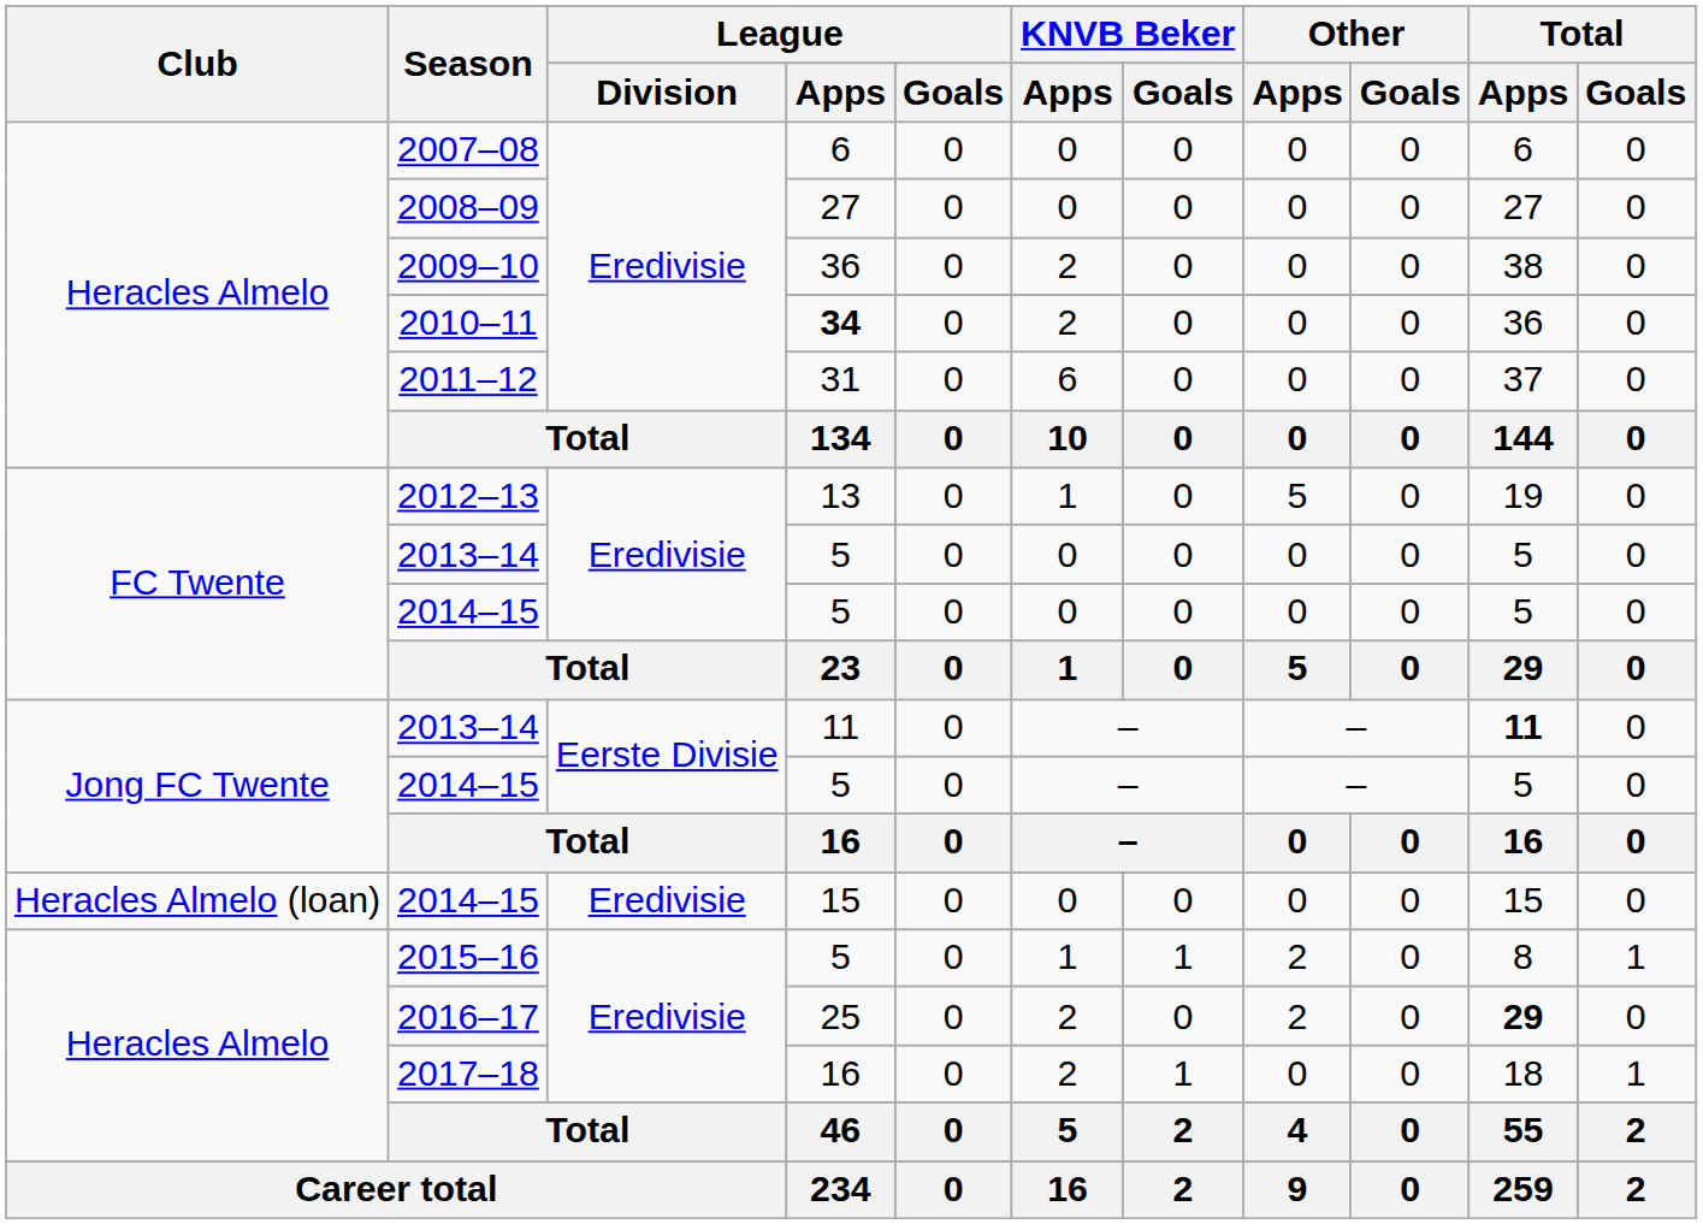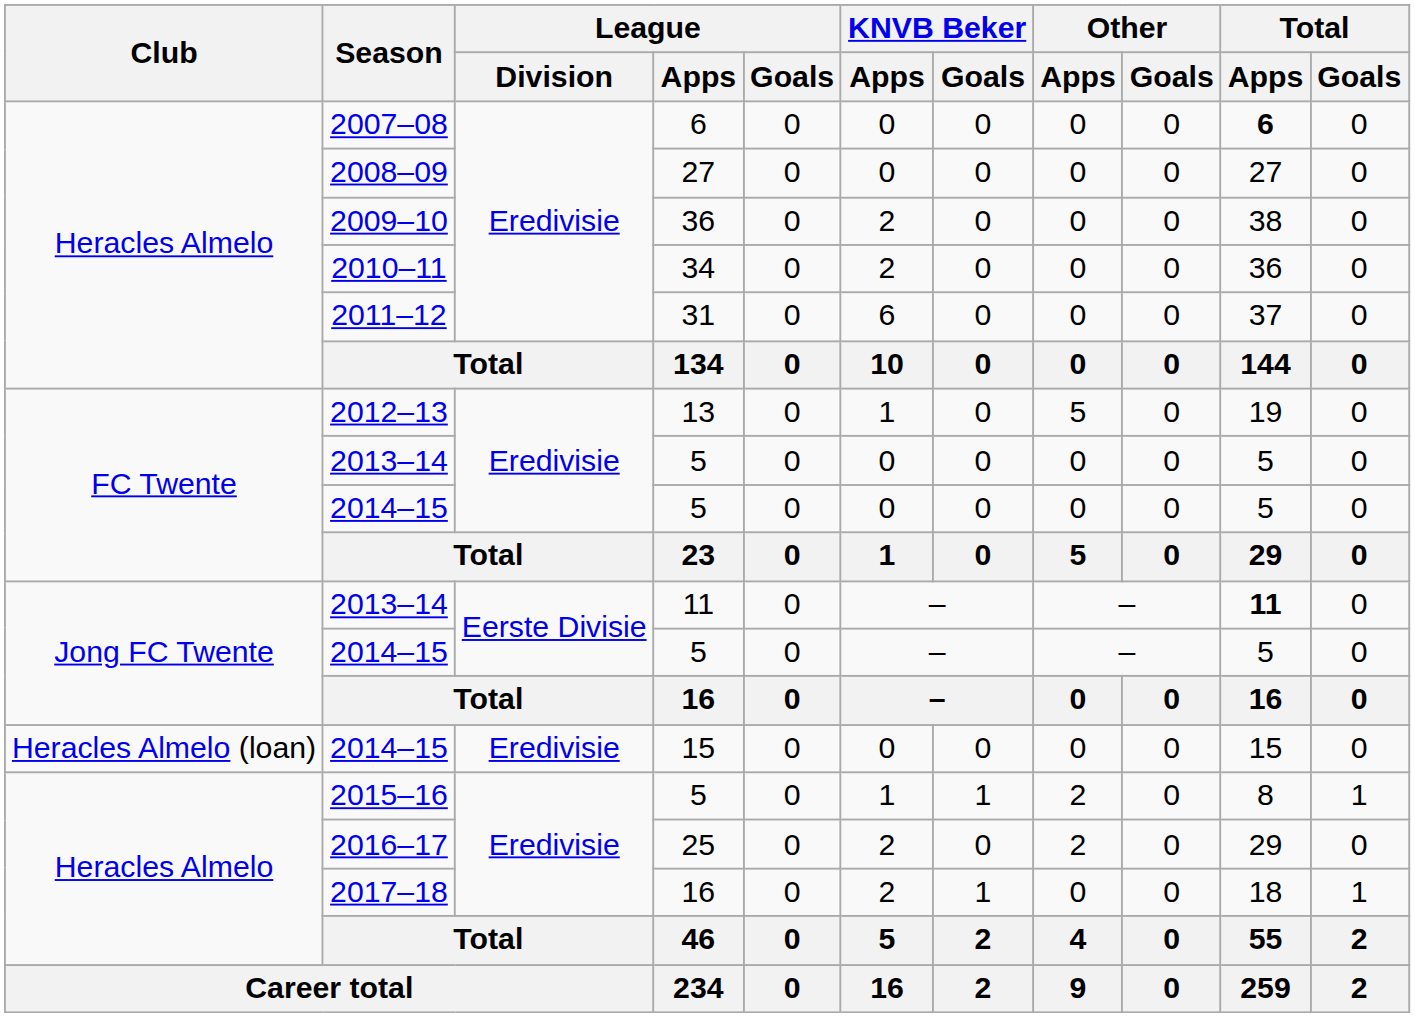 <table class="wikitable" style="text-align:center">
 <tr>
 <th rowspan="2">Club</th>
 <th rowspan="2">Season</th>
 <th colspan="3">League</th>
 <th colspan="2"><a href='#'>KNVB Beker</a></th>
 <th colspan="2">Other</th>
 <th colspan="2">Total</th>
 </tr>
 <tr>
 <th>Division</th>
 <th>Apps</th>
 <th>Goals</th>
 <th>Apps</th>
 <th>Goals</th>
 <th>Apps</th>
 <th>Goals</th>
 <th>Apps</th>
 <th>Goals</th>
 </tr>
 <tr>
 <td rowspan="6"><a href='#'>Heracles Almelo</a></td>
 <td><a href='#'>2007–08</a></td>
 <td rowspan="5"><a href='#'>Eredivisie</a></td>
 <td>6</td>
 <td>0</td>
 <td>0</td>
 <td>0</td>
 <td>0</td>
 <td>0</td>
-<td>6</td>
+<td><strong>6</strong></td>
 <td>0</td>
 </tr>
 <tr>
 <td><a href='#'>2008–09</a></td>
 <td>27</td>
 <td>0</td>
 <td>0</td>
 <td>0</td>
 <td>0</td>
 <td>0</td>
 <td>27</td>
 <td>0</td>
 </tr>
 <tr>
 <td><a href='#'>2009–10</a></td>
 <td>36</td>
 <td>0</td>
 <td>2</td>
 <td>0</td>
 <td>0</td>
 <td>0</td>
 <td>38</td>
 <td>0</td>
 </tr>
 <tr>
 <td><a href='#'>2010–11</a></td>
-<td><strong>34</strong></td>
+<td>34</td>
 <td>0</td>
 <td>2</td>
 <td>0</td>
 <td>0</td>
 <td>0</td>
 <td>36</td>
 <td>0</td>
 </tr>
 <tr>
 <td><a href='#'>2011–12</a></td>
 <td>31</td>
 <td>0</td>
 <td>6</td>
 <td>0</td>
 <td>0</td>
 <td>0</td>
 <td>37</td>
 <td>0</td>
 </tr>
 <tr>
 <th colspan="2">Total</th>
 <th>134</th>
 <th>0</th>
 <th>10</th>
 <th>0</th>
 <th>0</th>
 <th>0</th>
 <th>144</th>
 <th>0</th>
 </tr>
 <tr>
 <td rowspan="4"><a href='#'>FC Twente</a></td>
 <td><a href='#'>2012–13</a></td>
 <td rowspan="3"><a href='#'>Eredivisie</a></td>
 <td>13</td>
 <td>0</td>
 <td>1</td>
 <td>0</td>
 <td>5</td>
 <td>0</td>
 <td>19</td>
 <td>0</td>
 </tr>
 <tr>
 <td><a href='#'>2013–14</a></td>
 <td>5</td>
 <td>0</td>
 <td>0</td>
 <td>0</td>
 <td>0</td>
 <td>0</td>
 <td>5</td>
 <td>0</td>
 </tr>
 <tr>
 <td><a href='#'>2014–15</a></td>
 <td>5</td>
 <td>0</td>
 <td>0</td>
 <td>0</td>
 <td>0</td>
 <td>0</td>
 <td>5</td>
 <td>0</td>
 </tr>
 <tr>
 <th colspan="2">Total</th>
 <th>23</th>
 <th>0</th>
 <th>1</th>
 <th>0</th>
 <th>5</th>
 <th>0</th>
 <th>29</th>
 <th>0</th>
 </tr>
 <tr>
 <td rowspan="3"><a href='#'>Jong FC Twente</a></td>
 <td><a href='#'>2013–14</a></td>
 <td rowspan="2"><a href='#'>Eerste Divisie</a></td>
 <td>11</td>
 <td>0</td>
 <td colspan="2">–</td>
 <td colspan="2">–</td>
 <td><strong>11</strong></td>
 <td>0</td>
 </tr>
 <tr>
 <td><a href='#'>2014–15</a></td>
 <td>5</td>
 <td>0</td>
 <td colspan="2">–</td>
 <td colspan="2">–</td>
 <td>5</td>
 <td>0</td>
 </tr>
 <tr>
 <th colspan="2">Total</th>
 <th>16</th>
 <th>0</th>
 <th colspan="2">–</th>
 <th>0</th>
 <th>0</th>
 <th>16</th>
 <th>0</th>
 </tr>
 <tr>
 <td><a href='#'>Heracles Almelo</a> (loan)</td>
 <td><a href='#'>2014–15</a></td>
 <td><a href='#'>Eredivisie</a></td>
 <td>15</td>
 <td>0</td>
 <td>0</td>
 <td>0</td>
 <td>0</td>
 <td>0</td>
 <td>15</td>
 <td>0</td>
 </tr>
 <tr>
 <td rowspan="4"><a href='#'>Heracles Almelo</a></td>
 <td><a href='#'>2015–16</a></td>
 <td rowspan="3"><a href='#'>Eredivisie</a></td>
 <td>5</td>
 <td>0</td>
 <td>1</td>
 <td>1</td>
 <td>2</td>
 <td>0</td>
 <td>8</td>
 <td>1</td>
 </tr>
 <tr>
 <td><a href='#'>2016–17</a></td>
 <td>25</td>
 <td>0</td>
 <td>2</td>
 <td>0</td>
 <td>2</td>
 <td>0</td>
-<td><strong>29</strong></td>
+<td>29</td>
 <td>0</td>
 </tr>
 <tr>
 <td><a href='#'>2017–18</a></td>
 <td>16</td>
 <td>0</td>
 <td>2</td>
 <td>1</td>
 <td>0</td>
 <td>0</td>
 <td>18</td>
 <td>1</td>
 </tr>
 <tr>
 <th colspan="2">Total</th>
 <th>46</th>
 <th>0</th>
 <th>5</th>
 <th>2</th>
 <th>4</th>
 <th>0</th>
 <th>55</th>
 <th>2</th>
 </tr>
 <tr>
 <th colspan="3">Career total</th>
 <th>234</th>
 <th>0</th>
 <th>16</th>
 <th>2</th>
 <th>9</th>
 <th>0</th>
 <th>259</th>
 <th>2</th>
 </tr>
 </table>
